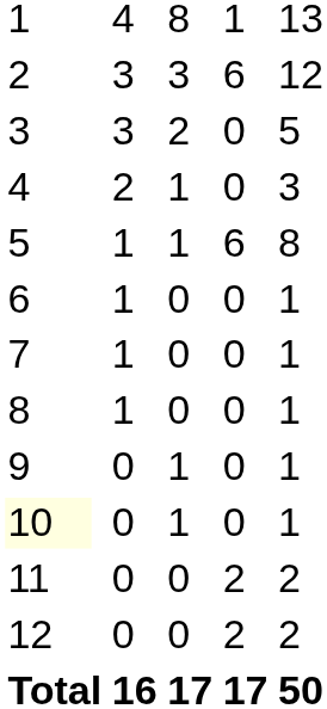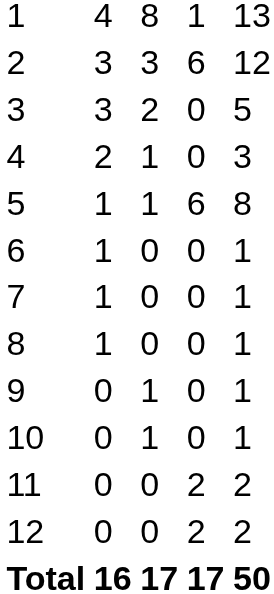 <table>
 <tr>
 <td>1</td>
 <td align=left></td>
 <td>4</td>
 <td>8</td>
 <td>1</td>
 <td>13</td>
 </tr>
 <tr>
 <td>2</td>
 <td align=left></td>
 <td>3</td>
 <td>3</td>
 <td>6</td>
 <td>12</td>
 </tr>
 <tr>
 <td>3</td>
 <td align=left></td>
 <td>3</td>
 <td>2</td>
 <td>0</td>
 <td>5</td>
 </tr>
 <tr>
 <td>4</td>
 <td align=left></td>
 <td>2</td>
 <td>1</td>
 <td>0</td>
 <td>3</td>
 </tr>
 <tr>
 <td>5</td>
 <td align=left></td>
 <td>1</td>
 <td>1</td>
 <td>6</td>
 <td>8</td>
 </tr>
 <tr>
 <td>6</td>
 <td align=left></td>
 <td>1</td>
 <td>0</td>
 <td>0</td>
 <td>1</td>
 </tr>
 <tr>
 <td>7</td>
 <td align=left></td>
 <td>1</td>
 <td>0</td>
 <td>0</td>
 <td>1</td>
 </tr>
 <tr>
 <td>8</td>
 <td align=left></td>
 <td>1</td>
 <td>0</td>
 <td>0</td>
 <td>1</td>
 </tr>
 <tr>
 <td>9</td>
 <td align=left></td>
 <td>0</td>
 <td>1</td>
 <td>0</td>
 <td>1</td>
 </tr>
 <tr>
-<td style="background: lightyellow;">10</td>
+<td>10</td>
 <td align=left></td>
 <td>0</td>
 <td>1</td>
 <td>0</td>
 <td>1</td>
 </tr>
 <tr>
 <td>11</td>
 <td align=left></td>
 <td>0</td>
 <td>0</td>
 <td>2</td>
 <td>2</td>
 </tr>
 <tr>
 <td>12</td>
 <td align=left></td>
 <td>0</td>
 <td>0</td>
 <td>2</td>
 <td>2</td>
 </tr>
 <tr class="sortbottom">
 <th colspan=2>Total</th>
 <th>16</th>
 <th>17</th>
 <th>17</th>
 <th>50</th>
 </tr>
 </table>
